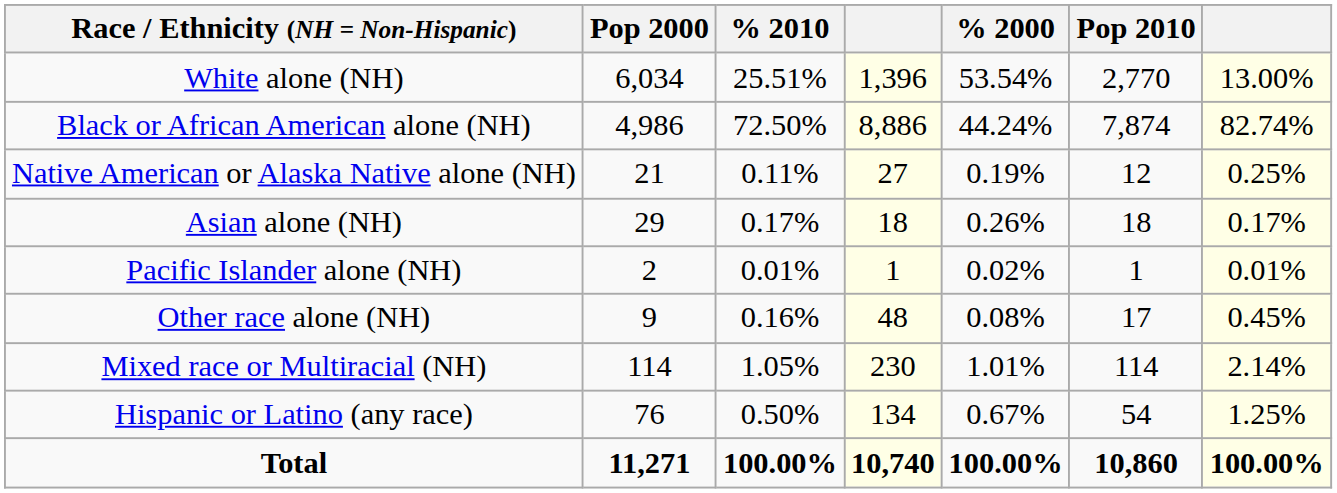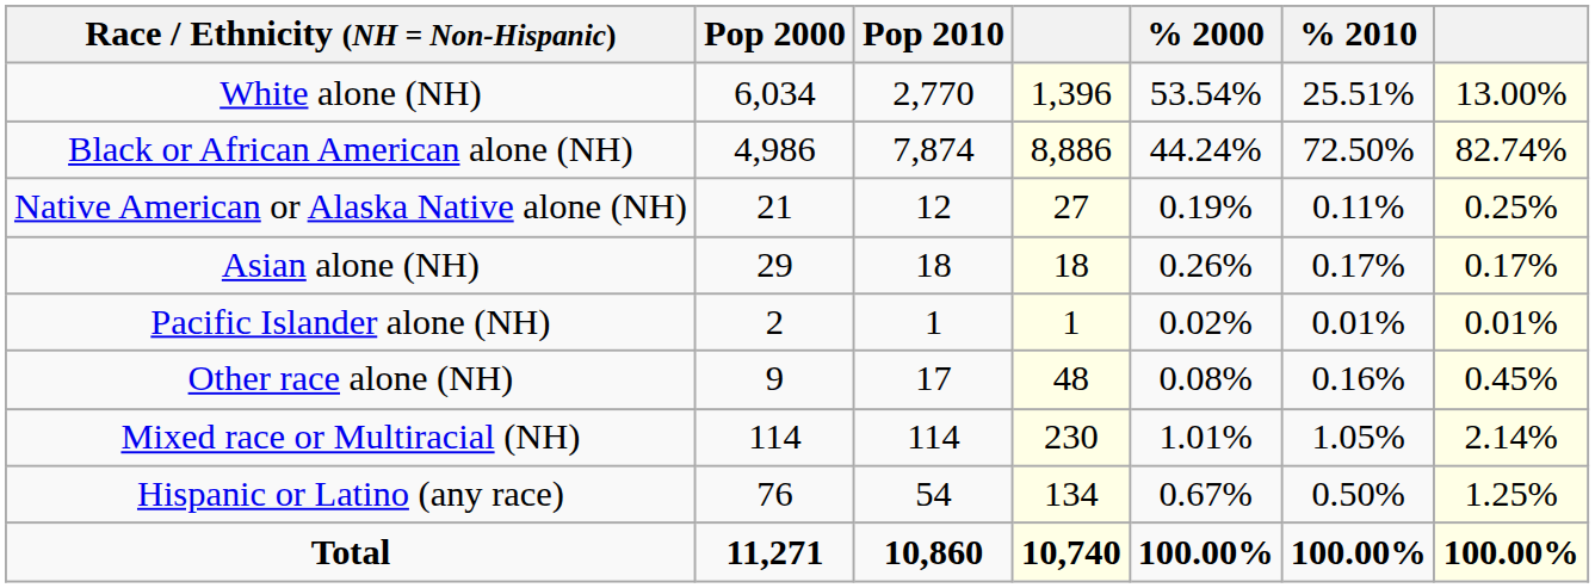 <table class="wikitable" style="text-align:center;">
 <tr>
 <th>Race / Ethnicity <small>(<em>NH = Non-Hispanic</em>)</small></th>
 <th>Pop 2000</th>
-<th>% 2010</th>
+<th>Pop 2010</th>
 <th></th>
 <th>% 2000</th>
-<th>Pop 2010</th>
+<th>% 2010</th>
 <th></th>
 </tr>
 <tr>
 <td><a href='#'>White</a> alone (NH)</td>
 <td>6,034</td>
-<td>25.51%</td>
+<td>2,770</td>
 <td style='background: #ffffe6;'>1,396</td>
 <td>53.54%</td>
-<td>2,770</td>
+<td>25.51%</td>
 <td style='background: #ffffe6;'>13.00%</td>
 </tr>
 <tr>
 <td><a href='#'>Black or African American</a> alone (NH)</td>
 <td>4,986</td>
-<td>72.50%</td>
+<td>7,874</td>
 <td style='background: #ffffe6;'>8,886</td>
 <td>44.24%</td>
-<td>7,874</td>
+<td>72.50%</td>
 <td style='background: #ffffe6;'>82.74%</td>
 </tr>
 <tr>
 <td><a href='#'>Native American</a> or <a href='#'>Alaska Native</a> alone (NH)</td>
 <td>21</td>
-<td>0.11%</td>
+<td>12</td>
 <td style='background: #ffffe6;'>27</td>
 <td>0.19%</td>
-<td>12</td>
+<td>0.11%</td>
 <td style='background: #ffffe6;'>0.25%</td>
 </tr>
 <tr>
 <td><a href='#'>Asian</a> alone (NH)</td>
 <td>29</td>
-<td>0.17%</td>
+<td>18</td>
 <td style='background: #ffffe6;'>18</td>
 <td>0.26%</td>
-<td>18</td>
+<td>0.17%</td>
 <td style='background: #ffffe6;'>0.17%</td>
 </tr>
 <tr>
 <td><a href='#'>Pacific Islander</a> alone (NH)</td>
 <td>2</td>
-<td>0.01%</td>
+<td>1</td>
 <td style='background: #ffffe6;'>1</td>
 <td>0.02%</td>
-<td>1</td>
+<td>0.01%</td>
 <td style='background: #ffffe6;'>0.01%</td>
 </tr>
 <tr>
 <td><a href='#'>Other race</a> alone (NH)</td>
 <td>9</td>
-<td>0.16%</td>
+<td>17</td>
 <td style='background: #ffffe6;'>48</td>
 <td>0.08%</td>
-<td>17</td>
+<td>0.16%</td>
 <td style='background: #ffffe6;'>0.45%</td>
 </tr>
 <tr>
 <td><a href='#'>Mixed race or Multiracial</a> (NH)</td>
 <td>114</td>
-<td>1.05%</td>
+<td>114</td>
 <td style='background: #ffffe6;'>230</td>
 <td>1.01%</td>
-<td>114</td>
+<td>1.05%</td>
 <td style='background: #ffffe6;'>2.14%</td>
 </tr>
 <tr>
 <td><a href='#'>Hispanic or Latino</a> (any race)</td>
 <td>76</td>
-<td>0.50%</td>
+<td>54</td>
 <td style='background: #ffffe6;'>134</td>
 <td>0.67%</td>
-<td>54</td>
+<td>0.50%</td>
 <td style='background: #ffffe6;'>1.25%</td>
 </tr>
 <tr>
 <td><strong>Total</strong></td>
 <td><strong>11,271</strong></td>
-<td><strong>100.00%</strong></td>
+<td><strong>10,860</strong></td>
 <td style='background: #ffffe6;'><strong>10,740</strong></td>
 <td><strong>100.00%</strong></td>
-<td><strong>10,860</strong></td>
+<td><strong>100.00%</strong></td>
 <td style='background: #ffffe6;'><strong>100.00%</strong></td>
 </tr>
 </table>
